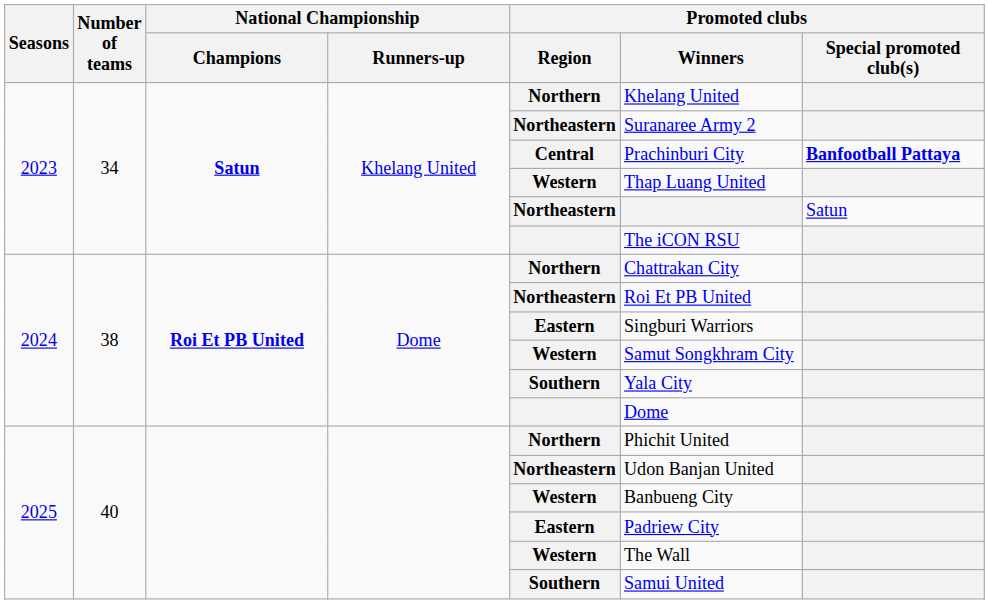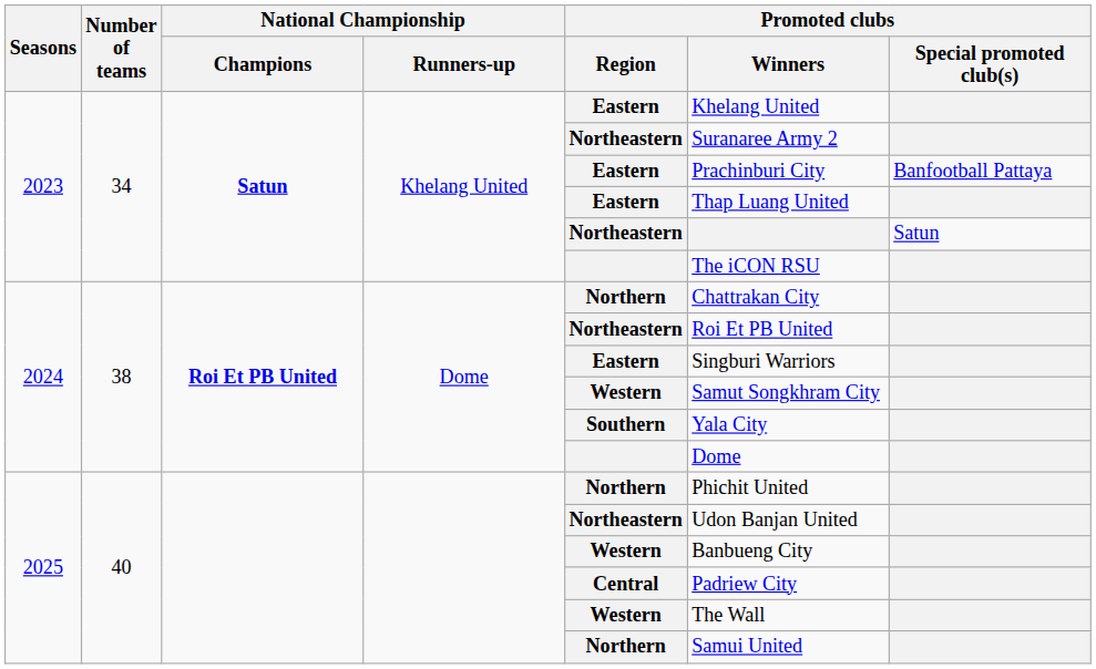 <table class="wikitable" style="text-align:center">
 <tr>
 <th rowspan=2>Seasons</th>
 <th rowspan=2>Number<br>of teams</th>
 <th colspan=2>National Championship</th>
 <th colspan=3>Promoted clubs</th>
 </tr>
 <tr>
 <th width="160">Champions</th>
 <th width="160">Runners-up</th>
 <th>Region</th>
 <th width="160">Winners</th>
 <th width="160">Special promoted club(s)</th>
 </tr>
 <tr>
 <td rowspan=6><a href='#'>2023</a></td>
 <td rowspan=6>34</td>
 <td rowspan=6><strong><a href='#'>Satun</a></strong></td>
 <td rowspan=6><a href='#'>Khelang United</a></td>
-<th>Northern</th>
+<th>Eastern</th>
 <td align="left"><a href='#'>Khelang United</a></td>
 <th align="left"></th>
 </tr>
 <tr>
 <th>Northeastern</th>
 <td align="left"><a href='#'>Suranaree Army 2</a></td>
 <th align="left"></th>
 </tr>
 <tr>
-<th>Central</th>
+<th>Eastern</th>
 <td align="left"><a href='#'>Prachinburi City</a></td>
-<td align="left"><strong><a href='#'>Banfootball Pattaya</a></strong></td>
+<td align="left"><a href='#'>Banfootball Pattaya</a></td>
 </tr>
 <tr>
-<th>Western</th>
+<th>Eastern</th>
 <td align="left"><a href='#'>Thap Luang United</a></td>
 <th align="left"></th>
 </tr>
 <tr>
 <th>Northeastern</th>
 <th align="left"></th>
 <td align="left"><a href='#'>Satun</a></td>
 </tr>
 <tr>
 <th></th>
 <td align="left"><a href='#'>The iCON RSU</a></td>
 <th align="left"></th>
 </tr>
 <tr>
 <td rowspan=6><a href='#'>2024</a></td>
 <td rowspan=6>38</td>
 <td rowspan=6><strong><a href='#'>Roi Et PB United</a></strong></td>
 <td rowspan=6><a href='#'>Dome</a></td>
 <th>Northern</th>
 <td align="left"><a href='#'>Chattrakan City</a></td>
 <th align="left"></th>
 </tr>
 <tr>
 <th>Northeastern</th>
 <td align="left"><a href='#'>Roi Et PB United</a></td>
 <th align="left"></th>
 </tr>
 <tr>
 <th>Eastern</th>
 <td align="left">Singburi Warriors</td>
 <th align="left"></th>
 </tr>
 <tr>
 <th>Western</th>
 <td align="left"><a href='#'>Samut Songkhram City</a></td>
 <th align="left"></th>
 </tr>
 <tr>
 <th>Southern</th>
 <td align="left"><a href='#'>Yala City</a></td>
 <th align="left"></th>
 </tr>
 <tr>
 <th></th>
 <td align="left"><a href='#'>Dome</a></td>
 <th align="left"></th>
 </tr>
 <tr>
 <td rowspan=6><a href='#'>2025</a></td>
 <td rowspan=6>40</td>
 <td rowspan=6></td>
 <td rowspan=6></td>
 <th>Northern</th>
 <td align="left">Phichit United</td>
 <th align="left"></th>
 </tr>
 <tr>
 <th>Northeastern</th>
 <td align="left">Udon Banjan United</td>
 <th align="left"></th>
 </tr>
 <tr>
 <th>Western</th>
 <td align="left">Banbueng City</td>
 <th align="left"></th>
 </tr>
 <tr>
-<th>Eastern</th>
+<th>Central</th>
 <td align="left"><a href='#'>Padriew City</a></td>
 <th align="left"></th>
 </tr>
 <tr>
 <th>Western</th>
 <td align="left">The Wall</td>
 <th align="left"></th>
 </tr>
 <tr>
-<th>Southern</th>
+<th>Northern</th>
 <td align="left"><a href='#'>Samui United</a></td>
 <th align="left"></th>
 </tr>
 </table>
